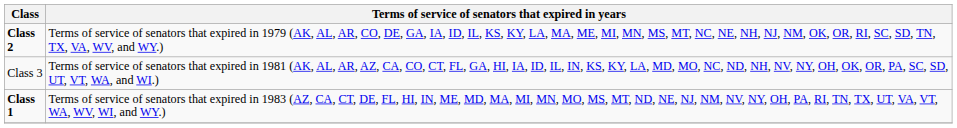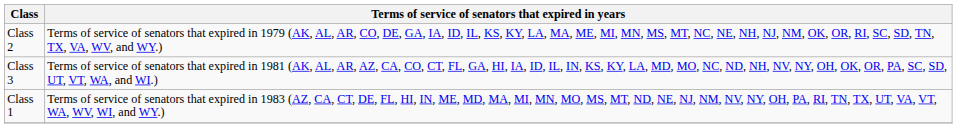 <table class="wikitable sortable">
 <tr valign=bottom>
 <th>Class</th>
 <th>Terms of service of senators that expired in years</th>
 </tr>
 <tr>
-<td><strong>Class 2</strong></td>
+<td>Class 2</td>
 <td>Terms of service of senators that expired in 1979 (<a href='#'>AK</a>, <a href='#'>AL</a>, <a href='#'>AR</a>, <a href='#'>CO</a>, <a href='#'>DE</a>, <a href='#'>GA</a>, <a href='#'>IA</a>, <a href='#'>ID</a>, <a href='#'>IL</a>, <a href='#'>KS</a>, <a href='#'>KY</a>, <a href='#'>LA</a>, <a href='#'>MA</a>, <a href='#'>ME</a>,  <a href='#'>MI</a>, <a href='#'>MN</a>, <a href='#'>MS</a>, <a href='#'>MT</a>, <a href='#'>NC</a>, <a href='#'>NE</a>, <a href='#'>NH</a>, <a href='#'>NJ</a>, <a href='#'>NM</a>, <a href='#'>OK</a>, <a href='#'>OR</a>, <a href='#'>RI</a>, <a href='#'>SC</a>, <a href='#'>SD</a>, <a href='#'>TN</a>, <a href='#'>TX</a>, <a href='#'>VA</a>, <a href='#'>WV</a>, and <a href='#'>WY</a>.)</td>
 </tr>
 <tr>
 <td>Class 3</td>
 <td>Terms of service of senators that expired in 1981 (<a href='#'>AK</a>, <a href='#'>AL</a>, <a href='#'>AR</a>, <a href='#'>AZ</a>, <a href='#'>CA</a>, <a href='#'>CO</a>, <a href='#'>CT</a>, <a href='#'>FL</a>, <a href='#'>GA</a>, <a href='#'>HI</a>, <a href='#'>IA</a>, <a href='#'>ID</a>, <a href='#'>IL</a>, <a href='#'>IN</a>,  <a href='#'>KS</a>, <a href='#'>KY</a>, <a href='#'>LA</a>, <a href='#'>MD</a>, <a href='#'>MO</a>, <a href='#'>NC</a>, <a href='#'>ND</a>, <a href='#'>NH</a>, <a href='#'>NV</a>, <a href='#'>NY</a>, <a href='#'>OH</a>, <a href='#'>OK</a>, <a href='#'>OR</a>, <a href='#'>PA</a>, <a href='#'>SC</a>, <a href='#'>SD</a>, <a href='#'>UT</a>, <a href='#'>VT</a>, <a href='#'>WA</a>, and <a href='#'>WI</a>.)</td>
 </tr>
 <tr>
-<td><strong>Class 1</strong></td>
+<td>Class 1</td>
 <td>Terms of service of senators that expired in 1983 (<a href='#'>AZ</a>, <a href='#'>CA</a>, <a href='#'>CT</a>, <a href='#'>DE</a>, <a href='#'>FL</a>, <a href='#'>HI</a>, <a href='#'>IN</a>, <a href='#'>ME</a>, <a href='#'>MD</a>, <a href='#'>MA</a>, <a href='#'>MI</a>, <a href='#'>MN</a>, <a href='#'>MO</a>, <a href='#'>MS</a>, <a href='#'>MT</a>, <a href='#'>ND</a>, <a href='#'>NE</a>, <a href='#'>NJ</a>, <a href='#'>NM</a>, <a href='#'>NV</a>, <a href='#'>NY</a>, <a href='#'>OH</a>, <a href='#'>PA</a>, <a href='#'>RI</a>, <a href='#'>TN</a>, <a href='#'>TX</a>, <a href='#'>UT</a>, <a href='#'>VA</a>, <a href='#'>VT</a>, <a href='#'>WA</a>, <a href='#'>WV</a>, <a href='#'>WI</a>, and <a href='#'>WY</a>.)</td>
 </tr>
 <tr>
 </tr>
 </table>
